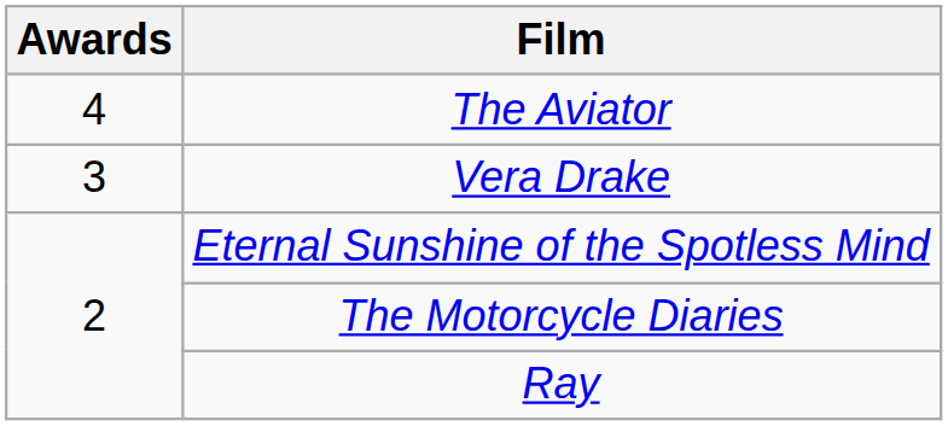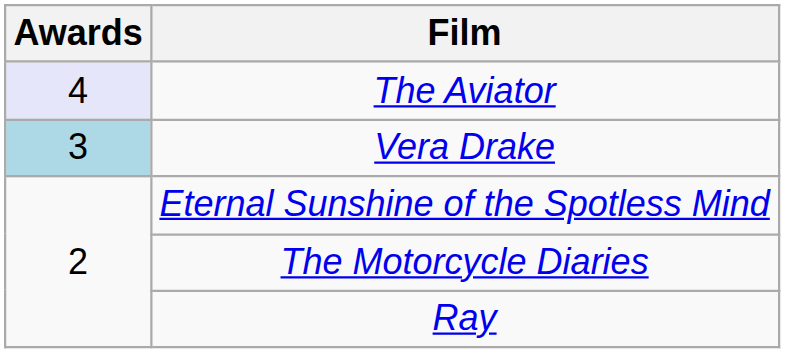 <table class="wikitable" style="text-align:center;">
 <tr>
 <th style="background:">Awards</th>
 <th style="background:">Film</th>
 </tr>
 <tr>
-<td>4</td>
+<td style="background: lavender;">4</td>
 <td><em><a href='#'>The Aviator</a></em></td>
 </tr>
 <tr>
-<td>3</td>
+<td style="background: lightblue;">3</td>
 <td><em><a href='#'>Vera Drake</a></em></td>
 </tr>
 <tr>
 <td rowspan="3">2</td>
 <td><em><a href='#'>Eternal Sunshine of the Spotless Mind</a></em></td>
 </tr>
 <tr>
 <td><em><a href='#'>The Motorcycle Diaries</a></em></td>
 </tr>
 <tr>
 <td><em><a href='#'>Ray</a></em></td>
 </tr>
 </table>
